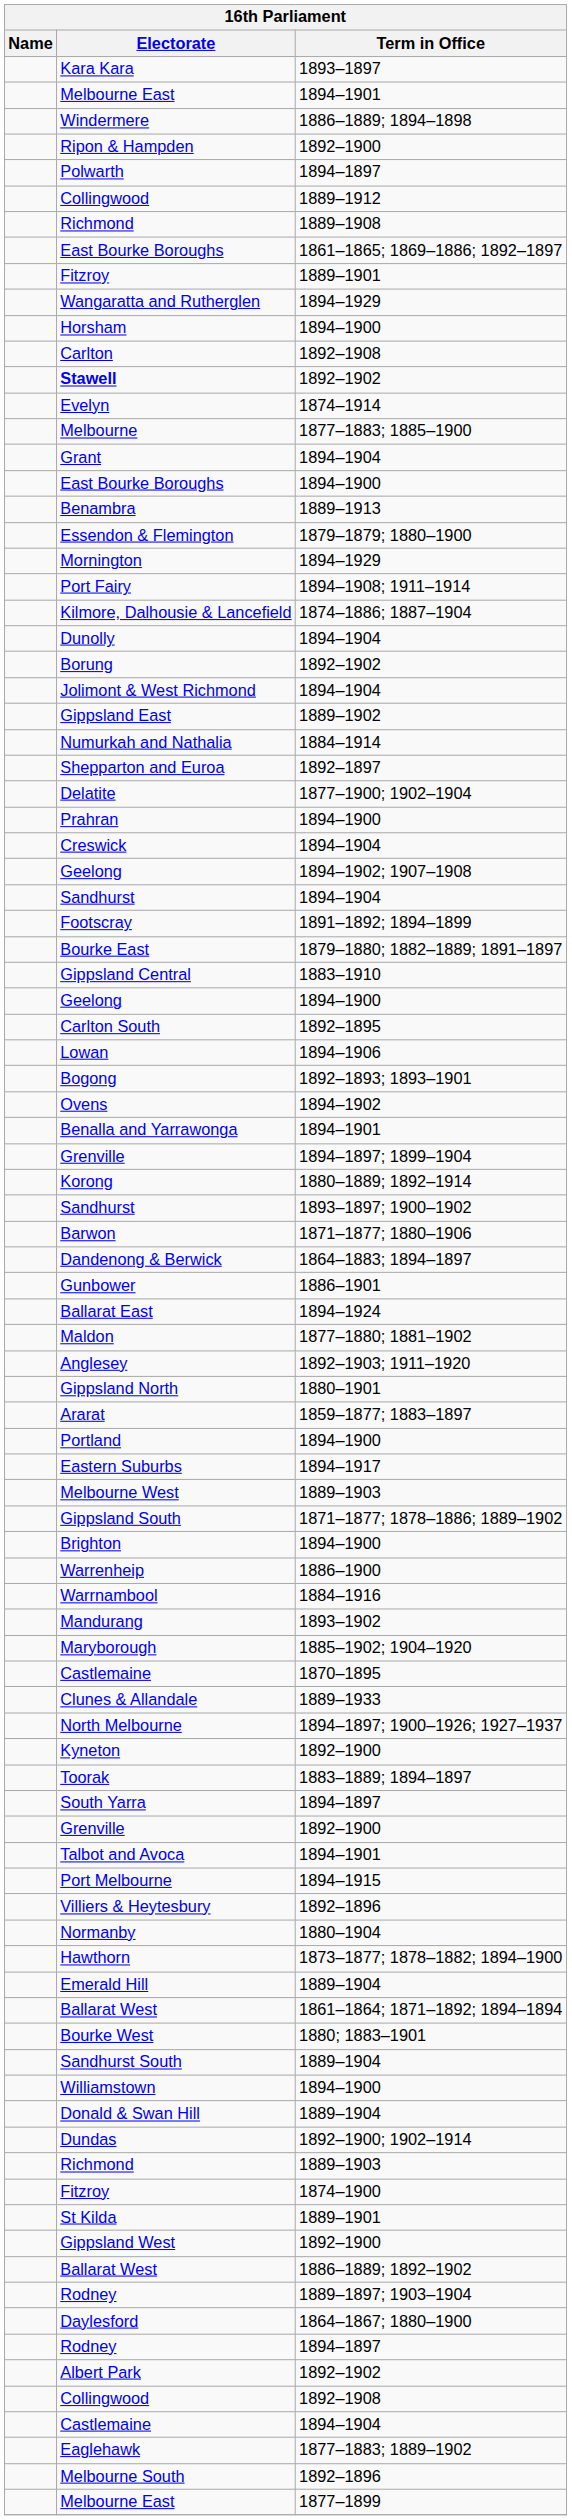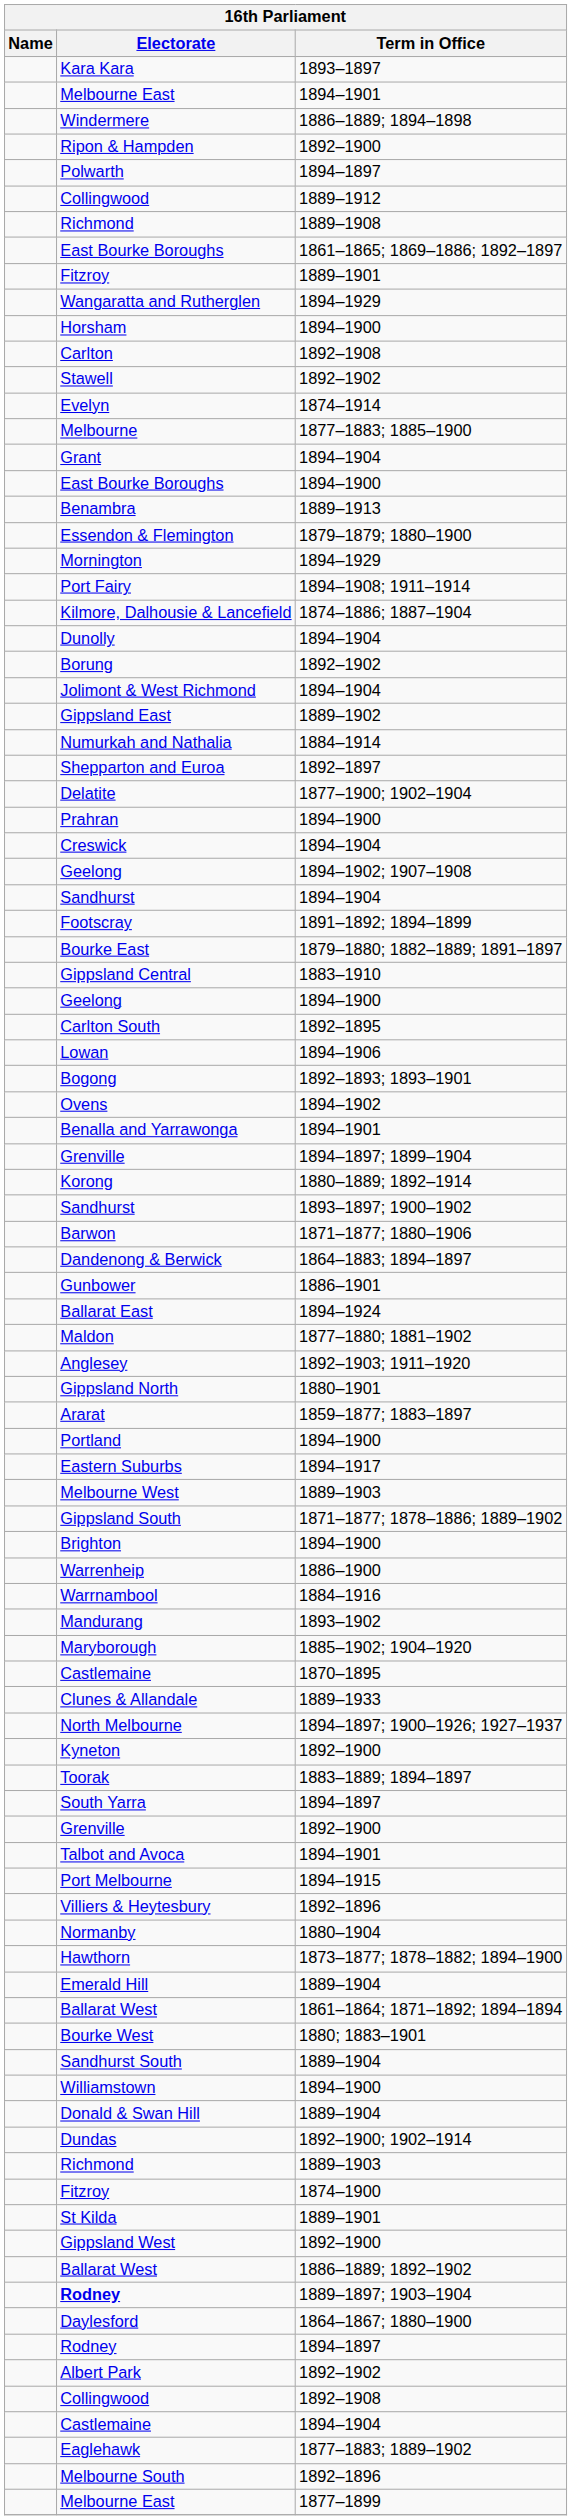 <table class="wikitable sortable">
 <tr>
 <th colspan= 4>16th Parliament</th>
 </tr>
 <tr>
 <th>Name</th>
 <th><a href='#'>Electorate</a></th>
 <th>Term in Office</th>
 </tr>
 <tr>
 <td> </td>
 <td><a href='#'>Kara Kara</a></td>
 <td>1893–1897</td>
 </tr>
 <tr>
 <td></td>
 <td><a href='#'>Melbourne East</a></td>
 <td>1894–1901</td>
 </tr>
 <tr>
 <td></td>
 <td><a href='#'>Windermere</a></td>
 <td>1886–1889; 1894–1898</td>
 </tr>
 <tr>
 <td></td>
 <td><a href='#'>Ripon & Hampden</a></td>
 <td>1892–1900</td>
 </tr>
 <tr>
 <td></td>
 <td><a href='#'>Polwarth</a></td>
 <td>1894–1897</td>
 </tr>
 <tr>
 <td></td>
 <td><a href='#'>Collingwood</a></td>
 <td>1889–1912</td>
 </tr>
 <tr>
 <td></td>
 <td><a href='#'>Richmond</a></td>
 <td>1889–1908</td>
 </tr>
 <tr>
 <td></td>
 <td><a href='#'>East Bourke Boroughs</a></td>
 <td>1861–1865; 1869–1886; 1892–1897</td>
 </tr>
 <tr>
 <td></td>
 <td><a href='#'>Fitzroy</a></td>
 <td>1889–1901</td>
 </tr>
 <tr>
 <td></td>
 <td><a href='#'>Wangaratta and Rutherglen</a></td>
 <td>1894–1929</td>
 </tr>
 <tr>
 <td></td>
 <td><a href='#'>Horsham</a></td>
 <td>1894–1900</td>
 </tr>
 <tr>
 <td></td>
 <td><a href='#'>Carlton</a></td>
 <td>1892–1908</td>
 </tr>
 <tr>
 <td></td>
-<td><strong><a href='#'>Stawell</a></strong></td>
+<td><a href='#'>Stawell</a></td>
 <td>1892–1902</td>
 </tr>
 <tr>
 <td></td>
 <td><a href='#'>Evelyn</a></td>
 <td>1874–1914</td>
 </tr>
 <tr>
 <td></td>
 <td><a href='#'>Melbourne</a></td>
 <td>1877–1883; 1885–1900</td>
 </tr>
 <tr>
 <td></td>
 <td><a href='#'>Grant</a></td>
 <td>1894–1904</td>
 </tr>
 <tr>
 <td></td>
 <td><a href='#'>East Bourke Boroughs</a></td>
 <td>1894–1900</td>
 </tr>
 <tr>
 <td></td>
 <td><a href='#'>Benambra</a></td>
 <td>1889–1913</td>
 </tr>
 <tr>
 <td></td>
 <td><a href='#'>Essendon & Flemington</a></td>
 <td>1879–1879; 1880–1900</td>
 </tr>
 <tr>
 <td></td>
 <td><a href='#'>Mornington</a></td>
 <td>1894–1929</td>
 </tr>
 <tr>
 <td></td>
 <td><a href='#'>Port Fairy</a></td>
 <td>1894–1908; 1911–1914</td>
 </tr>
 <tr>
 <td></td>
 <td><a href='#'>Kilmore, Dalhousie & Lancefield</a></td>
 <td>1874–1886; 1887–1904</td>
 </tr>
 <tr>
 <td></td>
 <td><a href='#'>Dunolly</a></td>
 <td>1894–1904</td>
 </tr>
 <tr>
 <td></td>
 <td><a href='#'>Borung</a></td>
 <td>1892–1902</td>
 </tr>
 <tr>
 <td></td>
 <td><a href='#'>Jolimont & West Richmond</a></td>
 <td>1894–1904</td>
 </tr>
 <tr>
 <td></td>
 <td><a href='#'>Gippsland East</a></td>
 <td>1889–1902</td>
 </tr>
 <tr>
 <td></td>
 <td><a href='#'>Numurkah and Nathalia</a></td>
 <td>1884–1914</td>
 </tr>
 <tr>
 <td></td>
 <td><a href='#'>Shepparton and Euroa</a></td>
 <td>1892–1897</td>
 </tr>
 <tr>
 <td></td>
 <td><a href='#'>Delatite</a></td>
 <td>1877–1900; 1902–1904</td>
 </tr>
 <tr>
 <td></td>
 <td><a href='#'>Prahran</a></td>
 <td>1894–1900</td>
 </tr>
 <tr>
 <td></td>
 <td><a href='#'>Creswick</a></td>
 <td>1894–1904</td>
 </tr>
 <tr>
 <td></td>
 <td><a href='#'>Geelong</a></td>
 <td>1894–1902; 1907–1908</td>
 </tr>
 <tr>
 <td></td>
 <td><a href='#'>Sandhurst</a></td>
 <td>1894–1904</td>
 </tr>
 <tr>
 <td></td>
 <td><a href='#'>Footscray</a></td>
 <td>1891–1892; 1894–1899</td>
 </tr>
 <tr>
 <td></td>
 <td><a href='#'>Bourke East</a></td>
 <td>1879–1880; 1882–1889; 1891–1897</td>
 </tr>
 <tr>
 <td></td>
 <td><a href='#'>Gippsland Central</a></td>
 <td>1883–1910</td>
 </tr>
 <tr>
 <td></td>
 <td><a href='#'>Geelong</a></td>
 <td>1894–1900</td>
 </tr>
 <tr>
 <td> </td>
 <td><a href='#'>Carlton South</a></td>
 <td>1892–1895</td>
 </tr>
 <tr>
 <td></td>
 <td><a href='#'>Lowan</a></td>
 <td>1894–1906</td>
 </tr>
 <tr>
 <td></td>
 <td><a href='#'>Bogong</a></td>
 <td>1892–1893; 1893–1901</td>
 </tr>
 <tr>
 <td></td>
 <td><a href='#'>Ovens</a></td>
 <td>1894–1902</td>
 </tr>
 <tr>
 <td></td>
 <td><a href='#'>Benalla and Yarrawonga</a></td>
 <td>1894–1901</td>
 </tr>
 <tr>
 <td></td>
 <td><a href='#'>Grenville</a></td>
 <td>1894–1897; 1899–1904</td>
 </tr>
 <tr>
 <td></td>
 <td><a href='#'>Korong</a></td>
 <td>1880–1889; 1892–1914</td>
 </tr>
 <tr>
 <td></td>
 <td><a href='#'>Sandhurst</a></td>
 <td>1893–1897; 1900–1902</td>
 </tr>
 <tr>
 <td></td>
 <td><a href='#'>Barwon</a></td>
 <td>1871–1877; 1880–1906</td>
 </tr>
 <tr>
 <td></td>
 <td><a href='#'>Dandenong & Berwick</a></td>
 <td>1864–1883; 1894–1897</td>
 </tr>
 <tr>
 <td></td>
 <td><a href='#'>Gunbower</a></td>
 <td>1886–1901</td>
 </tr>
 <tr>
 <td></td>
 <td><a href='#'>Ballarat East</a></td>
 <td>1894–1924</td>
 </tr>
 <tr>
 <td></td>
 <td><a href='#'>Maldon</a></td>
 <td>1877–1880; 1881–1902</td>
 </tr>
 <tr>
 <td></td>
 <td><a href='#'>Anglesey</a></td>
 <td>1892–1903; 1911–1920</td>
 </tr>
 <tr>
 <td></td>
 <td><a href='#'>Gippsland North</a></td>
 <td>1880–1901</td>
 </tr>
 <tr>
 <td></td>
 <td><a href='#'>Ararat</a></td>
 <td>1859–1877; 1883–1897</td>
 </tr>
 <tr>
 <td></td>
 <td><a href='#'>Portland</a></td>
 <td>1894–1900</td>
 </tr>
 <tr>
 <td></td>
 <td><a href='#'>Eastern Suburbs</a></td>
 <td>1894–1917</td>
 </tr>
 <tr>
 <td></td>
 <td><a href='#'>Melbourne West</a></td>
 <td>1889–1903</td>
 </tr>
 <tr>
 <td></td>
 <td><a href='#'>Gippsland South</a></td>
 <td>1871–1877; 1878–1886; 1889–1902</td>
 </tr>
 <tr>
 <td></td>
 <td><a href='#'>Brighton</a></td>
 <td>1894–1900</td>
 </tr>
 <tr>
 <td></td>
 <td><a href='#'>Warrenheip</a></td>
 <td>1886–1900</td>
 </tr>
 <tr>
 <td></td>
 <td><a href='#'>Warrnambool</a></td>
 <td>1884–1916</td>
 </tr>
 <tr>
 <td></td>
 <td><a href='#'>Mandurang</a></td>
 <td>1893–1902</td>
 </tr>
 <tr>
 <td></td>
 <td><a href='#'>Maryborough</a></td>
 <td>1885–1902; 1904–1920</td>
 </tr>
 <tr>
 <td> </td>
 <td><a href='#'>Castlemaine</a></td>
 <td>1870–1895</td>
 </tr>
 <tr>
 <td></td>
 <td><a href='#'>Clunes & Allandale</a></td>
 <td>1889–1933</td>
 </tr>
 <tr>
 <td></td>
 <td><a href='#'>North Melbourne</a></td>
 <td>1894–1897; 1900–1926; 1927–1937</td>
 </tr>
 <tr>
 <td></td>
 <td><a href='#'>Kyneton</a></td>
 <td>1892–1900</td>
 </tr>
 <tr>
 <td></td>
 <td><a href='#'>Toorak</a></td>
 <td>1883–1889; 1894–1897</td>
 </tr>
 <tr>
 <td></td>
 <td><a href='#'>South Yarra</a></td>
 <td>1894–1897</td>
 </tr>
 <tr>
 <td></td>
 <td><a href='#'>Grenville</a></td>
 <td>1892–1900</td>
 </tr>
 <tr>
 <td></td>
 <td><a href='#'>Talbot and Avoca</a></td>
 <td>1894–1901</td>
 </tr>
 <tr>
 <td></td>
 <td><a href='#'>Port Melbourne</a></td>
 <td>1894–1915</td>
 </tr>
 <tr>
 <td> </td>
 <td><a href='#'>Villiers & Heytesbury</a></td>
 <td>1892–1896</td>
 </tr>
 <tr>
 <td></td>
 <td><a href='#'>Normanby</a></td>
 <td>1880–1904</td>
 </tr>
 <tr>
 <td></td>
 <td><a href='#'>Hawthorn</a></td>
 <td>1873–1877; 1878–1882; 1894–1900</td>
 </tr>
 <tr>
 <td></td>
 <td><a href='#'>Emerald Hill</a></td>
 <td>1889–1904</td>
 </tr>
 <tr>
 <td> </td>
 <td><a href='#'>Ballarat West</a></td>
 <td>1861–1864; 1871–1892; 1894–1894</td>
 </tr>
 <tr>
 <td></td>
 <td><a href='#'>Bourke West</a></td>
 <td>1880; 1883–1901</td>
 </tr>
 <tr>
 <td></td>
 <td><a href='#'>Sandhurst South</a></td>
 <td>1889–1904</td>
 </tr>
 <tr>
 <td></td>
 <td><a href='#'>Williamstown</a></td>
 <td>1894–1900</td>
 </tr>
 <tr>
 <td></td>
 <td><a href='#'>Donald & Swan Hill</a></td>
 <td>1889–1904</td>
 </tr>
 <tr>
 <td></td>
 <td><a href='#'>Dundas</a></td>
 <td>1892–1900; 1902–1914</td>
 </tr>
 <tr>
 <td></td>
 <td><a href='#'>Richmond</a></td>
 <td>1889–1903</td>
 </tr>
 <tr>
 <td></td>
 <td><a href='#'>Fitzroy</a></td>
 <td>1874–1900</td>
 </tr>
 <tr>
 <td></td>
 <td><a href='#'>St Kilda</a></td>
 <td>1889–1901</td>
 </tr>
 <tr>
 <td></td>
 <td><a href='#'>Gippsland West</a></td>
 <td>1892–1900</td>
 </tr>
 <tr>
 <td></td>
 <td><a href='#'>Ballarat West</a></td>
 <td>1886–1889; 1892–1902</td>
 </tr>
 <tr>
 <td></td>
-<td><a href='#'>Rodney</a></td>
+<td><strong><a href='#'>Rodney</a></strong></td>
 <td>1889–1897; 1903–1904</td>
 </tr>
 <tr>
 <td></td>
 <td><a href='#'>Daylesford</a></td>
 <td>1864–1867; 1880–1900</td>
 </tr>
 <tr>
 <td></td>
 <td><a href='#'>Rodney</a></td>
 <td>1894–1897</td>
 </tr>
 <tr>
 <td></td>
 <td><a href='#'>Albert Park</a></td>
 <td>1892–1902</td>
 </tr>
 <tr>
 <td></td>
 <td><a href='#'>Collingwood</a></td>
 <td>1892–1908</td>
 </tr>
 <tr>
 <td></td>
 <td><a href='#'>Castlemaine</a></td>
 <td>1894–1904</td>
 </tr>
 <tr>
 <td></td>
 <td><a href='#'>Eaglehawk</a></td>
 <td>1877–1883; 1889–1902</td>
 </tr>
 <tr>
 <td> </td>
 <td><a href='#'>Melbourne South</a></td>
 <td>1892–1896</td>
 </tr>
 <tr>
 <td></td>
 <td><a href='#'>Melbourne East</a></td>
 <td>1877–1899</td>
 </tr>
 <tr>
 </tr>
 </table>
